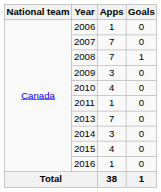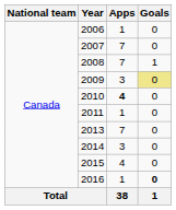 <table class="wikitable" style="text-align:center">
 <tr>
 <th>National team</th>
 <th>Year</th>
 <th>Apps</th>
 <th>Goals</th>
 </tr>
 <tr>
 <td rowspan="10"><a href='#'>Canada</a></td>
 <td>2006</td>
 <td>1</td>
 <td>0</td>
 </tr>
 <tr>
 <td>2007</td>
 <td>7</td>
 <td>0</td>
 </tr>
 <tr>
 <td>2008</td>
 <td>7</td>
 <td>1</td>
 </tr>
 <tr>
 <td>2009</td>
 <td>3</td>
-<td>0</td>
+<td style="background: khaki;">0</td>
 </tr>
 <tr>
 <td>2010</td>
-<td>4</td>
+<td><strong>4</strong></td>
 <td>0</td>
 </tr>
 <tr>
 <td>2011</td>
 <td>1</td>
 <td>0</td>
 </tr>
 <tr>
 <td>2013</td>
 <td>7</td>
 <td>0</td>
 </tr>
 <tr>
 <td>2014</td>
 <td>3</td>
 <td>0</td>
 </tr>
 <tr>
 <td>2015</td>
 <td>4</td>
 <td>0</td>
 </tr>
 <tr>
 <td>2016</td>
 <td>1</td>
-<td>0</td>
+<td><strong>0</strong></td>
 </tr>
 <tr>
 <th colspan="2">Total</th>
 <th>38</th>
 <th>1</th>
 </tr>
 </table>
